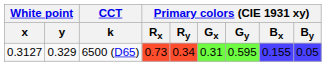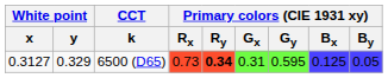 <table class="wikitable">
 <tr>
 <th colspan="2"><a href='#'>White point</a></th>
 <th><a href='#'>CCT</a></th>
 <th colspan="6"><a href='#'>Primary colors</a> (CIE 1931 xy)</th>
 </tr>
 <tr>
 <th>x</th>
 <th>y</th>
 <th>k</th>
 <th>R<sub>x</sub></th>
 <th>R<sub>y</sub></th>
 <th>G<sub>x</sub></th>
 <th>G<sub>y</sub></th>
 <th>B<sub>x</sub></th>
 <th>B<sub>y</sub></th>
 </tr>
 <tr>
 <td style="background:#">0.3127</td>
 <td style="background:#">0.329</td>
 <td style="background:#">6500 (<a href='#'>D65</a>)</td>
 <td style="background-color: color(rec2020 0.806 0.351 0.176);">0.73</td>
-<td style="background-color: color(rec2020 0.806 0.351 0.176);">0.34</td>
+<td style="background-color: color(rec2020 0.806 0.351 0.176);"><strong>0.34</strong></td>
 <td style="background-color: color(rec2020 0.645 0.953 0.352);">0.31</td>
 <td style="background-color: color(rec2020 0.645 0.953 0.352);">0.595</td>
-<td style="background-color: color(rec2020 0.299 0.224 0.957);">0.155</td>
+<td style="background-color: color(rec2020 0.299 0.224 0.957);">0.125</td>
 <td style="background-color: color(rec2020 0.299 0.224 0.957);">0.05</td>
 </tr>
 </table>
